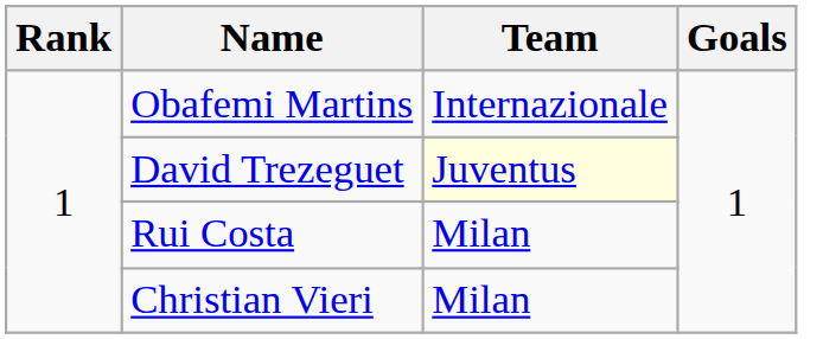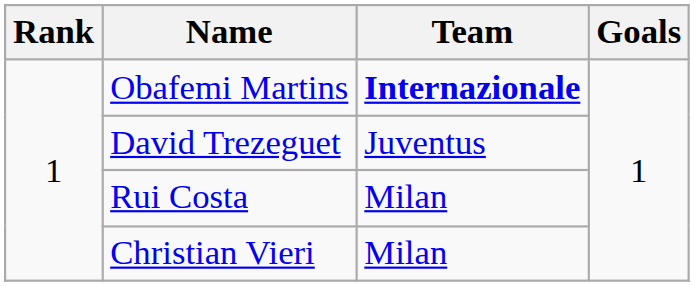 <table class="wikitable" style="text-align: center;">
 <tr>
 <th>Rank</th>
 <th>Name</th>
 <th>Team</th>
 <th>Goals</th>
 </tr>
 <tr>
 <td rowspan=4>1</td>
 <td align="left"> <a href='#'>Obafemi Martins</a></td>
-<td align="left"> <a href='#'>Internazionale</a></td>
+<td align="left"><strong> <a href='#'>Internazionale</a></strong></td>
 <td rowspan=4>1</td>
 </tr>
 <tr>
 <td align="left"> <a href='#'>David Trezeguet</a></td>
-<td align="left" style="background: lightyellow;"> <a href='#'>Juventus</a></td>
+<td align="left"> <a href='#'>Juventus</a></td>
 </tr>
 <tr>
 <td align="left"> <a href='#'>Rui Costa</a></td>
 <td align="left"> <a href='#'>Milan</a></td>
 </tr>
 <tr>
 <td align="left"> <a href='#'>Christian Vieri</a></td>
 <td align="left"> <a href='#'>Milan</a></td>
 </tr>
 </table>
